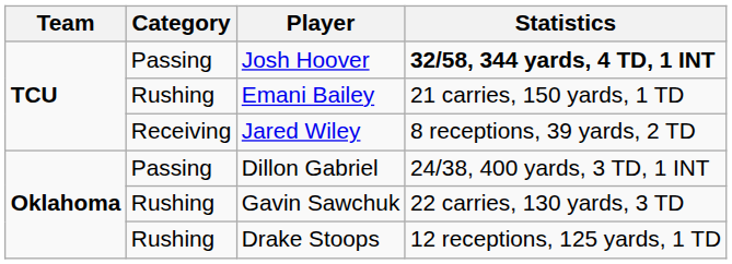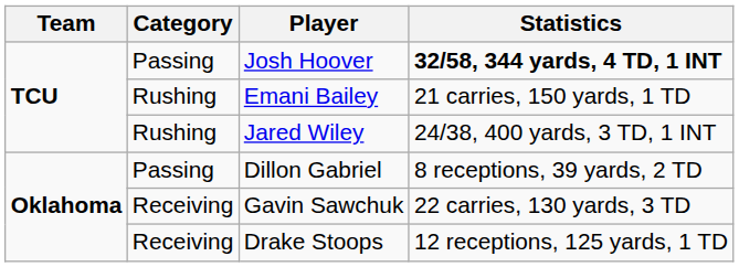 <table class="wikitable" style="float: right;">
 <tr>
 <th>Team</th>
 <th>Category</th>
 <th>Player</th>
 <th>Statistics</th>
 </tr>
 <tr>
 <td rowspan=3><strong>TCU</strong></td>
 <td>Passing</td>
 <td><a href='#'>Josh Hoover</a></td>
 <td><strong>32/58, 344 yards, 4 TD, 1 INT</strong></td>
 </tr>
 <tr>
 <td>Rushing</td>
 <td><a href='#'>Emani Bailey</a></td>
 <td>21 carries, 150 yards, 1 TD</td>
 </tr>
 <tr>
-<td>Receiving</td>
+<td>Rushing</td>
 <td><a href='#'>Jared Wiley</a></td>
-<td>8 receptions, 39 yards, 2 TD</td>
+<td>24/38, 400 yards, 3 TD, 1 INT</td>
 </tr>
 <tr>
 <td rowspan=3><strong>Oklahoma</strong></td>
 <td>Passing</td>
 <td>Dillon Gabriel</td>
-<td>24/38, 400 yards, 3 TD, 1 INT</td>
+<td>8 receptions, 39 yards, 2 TD</td>
 </tr>
 <tr>
-<td>Rushing</td>
+<td>Receiving</td>
 <td>Gavin Sawchuk</td>
 <td>22 carries, 130 yards, 3 TD</td>
 </tr>
 <tr>
-<td>Rushing</td>
+<td>Receiving</td>
 <td>Drake Stoops</td>
 <td>12 receptions, 125 yards, 1 TD</td>
 </tr>
 </table>
